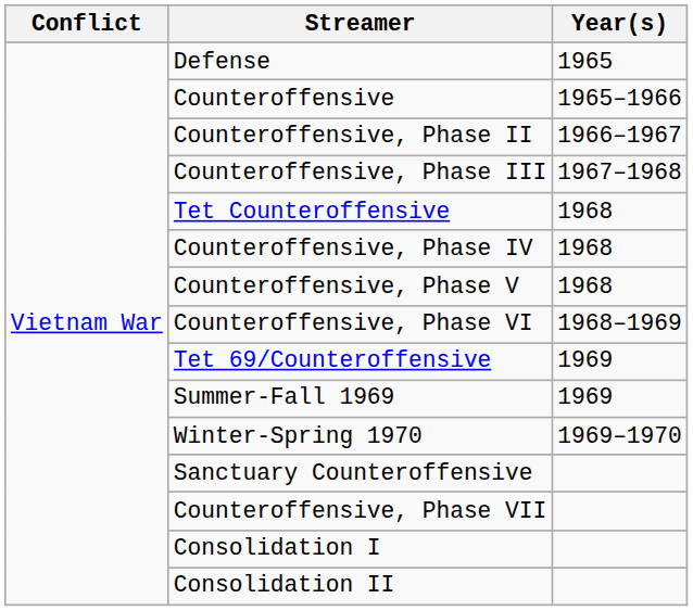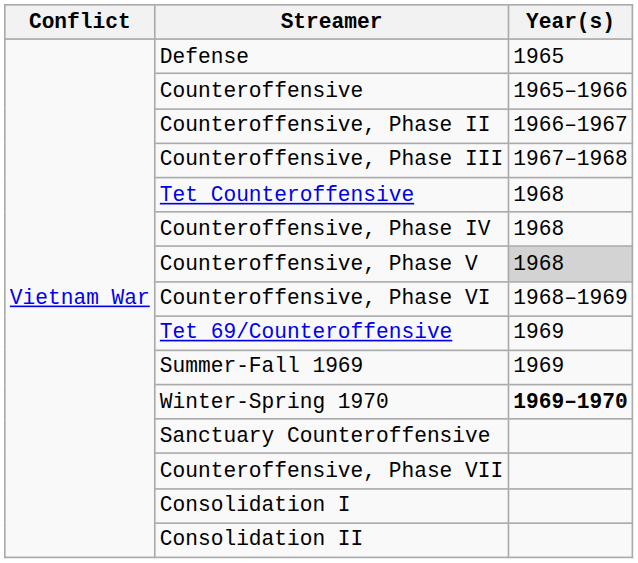 <table class=wikitable>
 <tr style="background:#efefef;">
 <th>Conflict</th>
 <th>Streamer</th>
 <th>Year(s)</th>
 </tr>
 <tr>
 <td rowspan="15"><a href='#'>Vietnam War</a> <br> </td>
 <td>Defense</td>
 <td>1965</td>
 </tr>
 <tr>
 <td>Counteroffensive</td>
 <td>1965–1966</td>
 </tr>
 <tr>
 <td>Counteroffensive, Phase II</td>
 <td>1966–1967</td>
 </tr>
 <tr>
 <td>Counteroffensive, Phase III</td>
 <td>1967–1968</td>
 </tr>
 <tr>
 <td><a href='#'>Tet Counteroffensive</a></td>
 <td>1968</td>
 </tr>
 <tr>
 <td>Counteroffensive, Phase IV</td>
 <td>1968</td>
 </tr>
 <tr>
 <td>Counteroffensive, Phase V</td>
-<td>1968</td>
+<td style="background: lightgrey;">1968</td>
 </tr>
 <tr>
 <td>Counteroffensive, Phase VI</td>
 <td>1968–1969</td>
 </tr>
 <tr>
 <td><a href='#'>Tet 69/Counteroffensive</a></td>
 <td>1969</td>
 </tr>
 <tr>
 <td>Summer-Fall 1969</td>
 <td>1969</td>
 </tr>
 <tr>
 <td>Winter-Spring 1970</td>
-<td>1969–1970</td>
+<td><strong>1969–1970</strong></td>
 </tr>
 <tr>
 <td>Sanctuary Counteroffensive</td>
 <td></td>
 </tr>
 <tr>
 <td>Counteroffensive, Phase VII</td>
 <td></td>
 </tr>
 <tr>
 <td>Consolidation I</td>
 <td></td>
 </tr>
 <tr>
 <td>Consolidation II</td>
 <td></td>
 </tr>
 </table>
